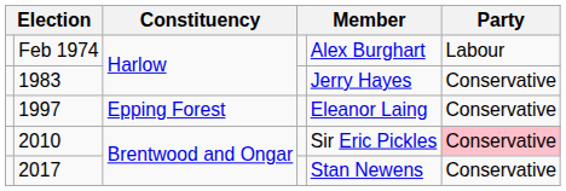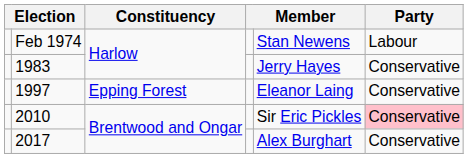 <table class="wikitable">
 <tr>
 <th colspan="2">Election</th>
 <th>Constituency</th>
 <th colspan="2">Member</th>
 <th>Party</th>
 </tr>
 <tr>
 <td style="color:inherit;background-color: "></td>
 <td>Feb 1974</td>
 <td rowspan="2"><a href='#'>Harlow</a></td>
 <td></td>
-<td><a href='#'>Alex Burghart</a></td>
+<td><a href='#'>Stan Newens</a></td>
 <td>Labour</td>
 </tr>
 <tr>
 <td style="color:inherit;background-color: "></td>
 <td>1983</td>
 <td></td>
 <td><a href='#'>Jerry Hayes</a></td>
 <td>Conservative</td>
 </tr>
 <tr>
 <td style="color:inherit;background-color: "></td>
 <td>1997</td>
 <td><a href='#'>Epping Forest</a></td>
 <td></td>
 <td><a href='#'>Eleanor Laing</a></td>
 <td>Conservative</td>
 </tr>
 <tr>
 <td style="color:inherit;background-color: "></td>
 <td>2010</td>
 <td rowspan="2"><a href='#'>Brentwood and Ongar</a></td>
 <td></td>
 <td>Sir <a href='#'>Eric Pickles</a></td>
 <td style="background: pink;">Conservative</td>
 </tr>
 <tr>
 <td style="color:inherit;background-color: "></td>
 <td>2017</td>
 <td></td>
-<td><a href='#'>Stan Newens</a></td>
+<td><a href='#'>Alex Burghart</a></td>
 <td>Conservative</td>
 </tr>
 </table>
